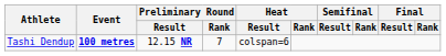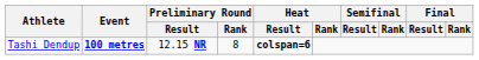 <table class="wikitable" style="font-size:90%">
 <tr>
 <th rowspan="2">Athlete</th>
 <th rowspan="2">Event</th>
 <th colspan="2">Preliminary Round</th>
 <th colspan="2">Heat</th>
 <th colspan="2">Semifinal</th>
 <th colspan="2">Final</th>
 </tr>
 <tr style="font-size:95%">
 <th>Result</th>
 <th>Rank</th>
 <th>Result</th>
 <th>Rank</th>
 <th>Result</th>
 <th>Rank</th>
 <th>Result</th>
 <th>Rank</th>
 </tr>
 <tr style=text-align:center>
 <td style=text-align:left><a href='#'>Tashi Dendup</a></td>
 <td style=text-align:left><strong><a href='#'>100 metres</a></strong></td>
 <td>12.15 <strong><a href='#'>NR</a></strong></td>
-<td>7</td>
-<td>colspan=6 </td>
+<td>8</td>
+<td><strong>colspan=6 </strong></td>
 </tr>
 </table>
